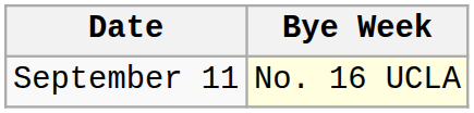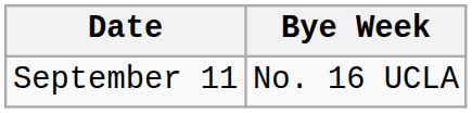 <table class="wikitable" style="font-size:95%;">
 <tr>
 <th>Date</th>
 <th colspan="1">Bye Week</th>
 </tr>
 <tr>
 <td>September 11</td>
-<td style="background: lightyellow;">No. 16 UCLA</td>
+<td>No. 16 UCLA</td>
 </tr>
 </table>
